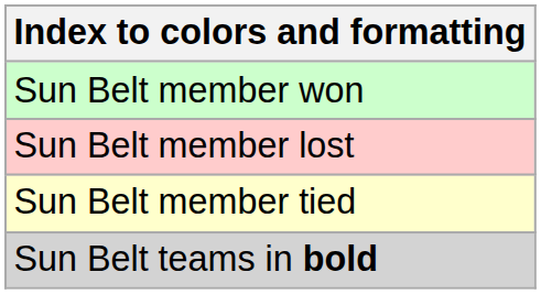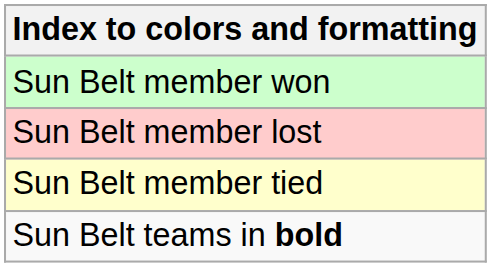 <table class="wikitable">
 <tr>
 <th>Index to colors and formatting</th>
 </tr>
 <tr style="background:#cfc;">
 <td>Sun Belt member won</td>
 </tr>
 <tr style="background:#fcc;">
 <td>Sun Belt member lost</td>
 </tr>
 <tr style="background:#ffc;">
 <td>Sun Belt member tied</td>
 </tr>
 <tr>
-<td style="background: lightgrey;">Sun Belt teams in <strong>bold</strong></td>
+<td>Sun Belt teams in <strong>bold</strong></td>
 </tr>
 </table>
